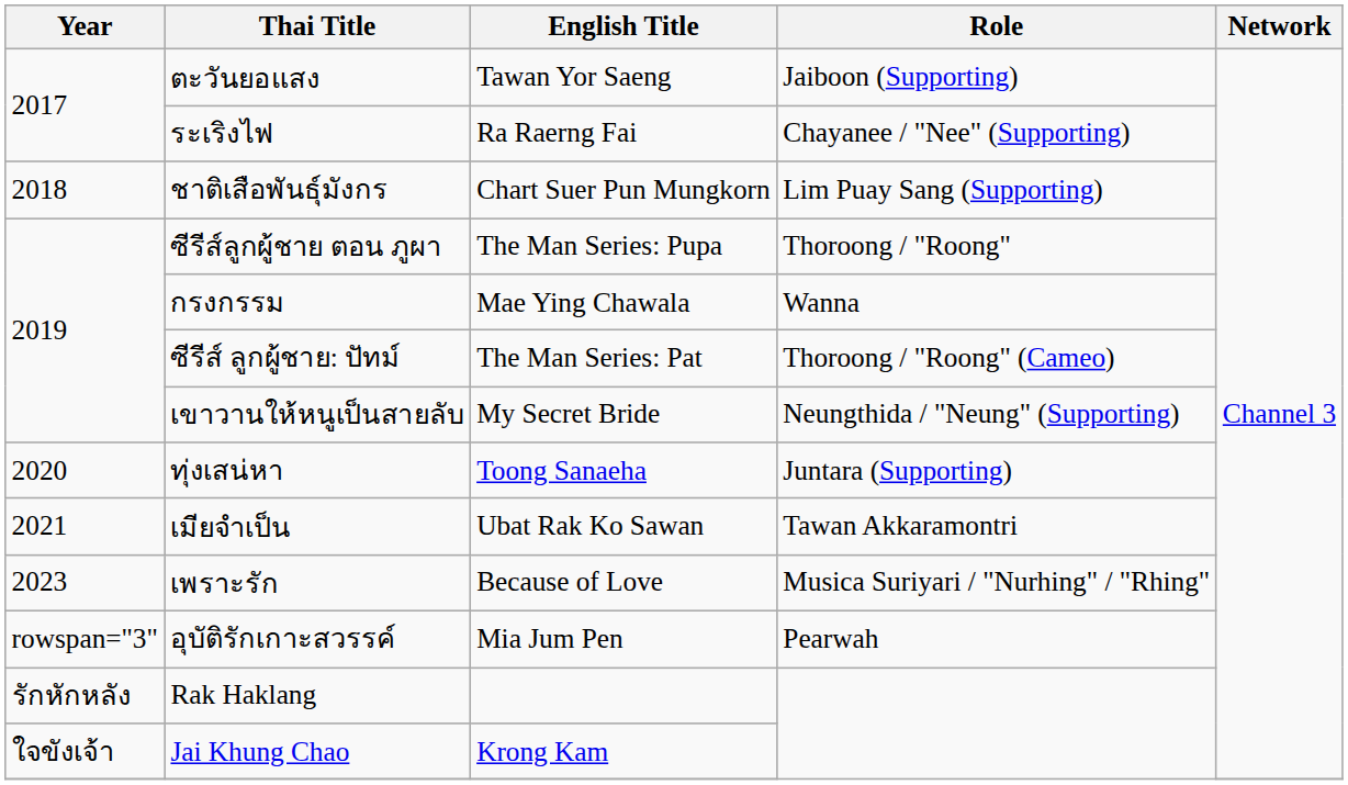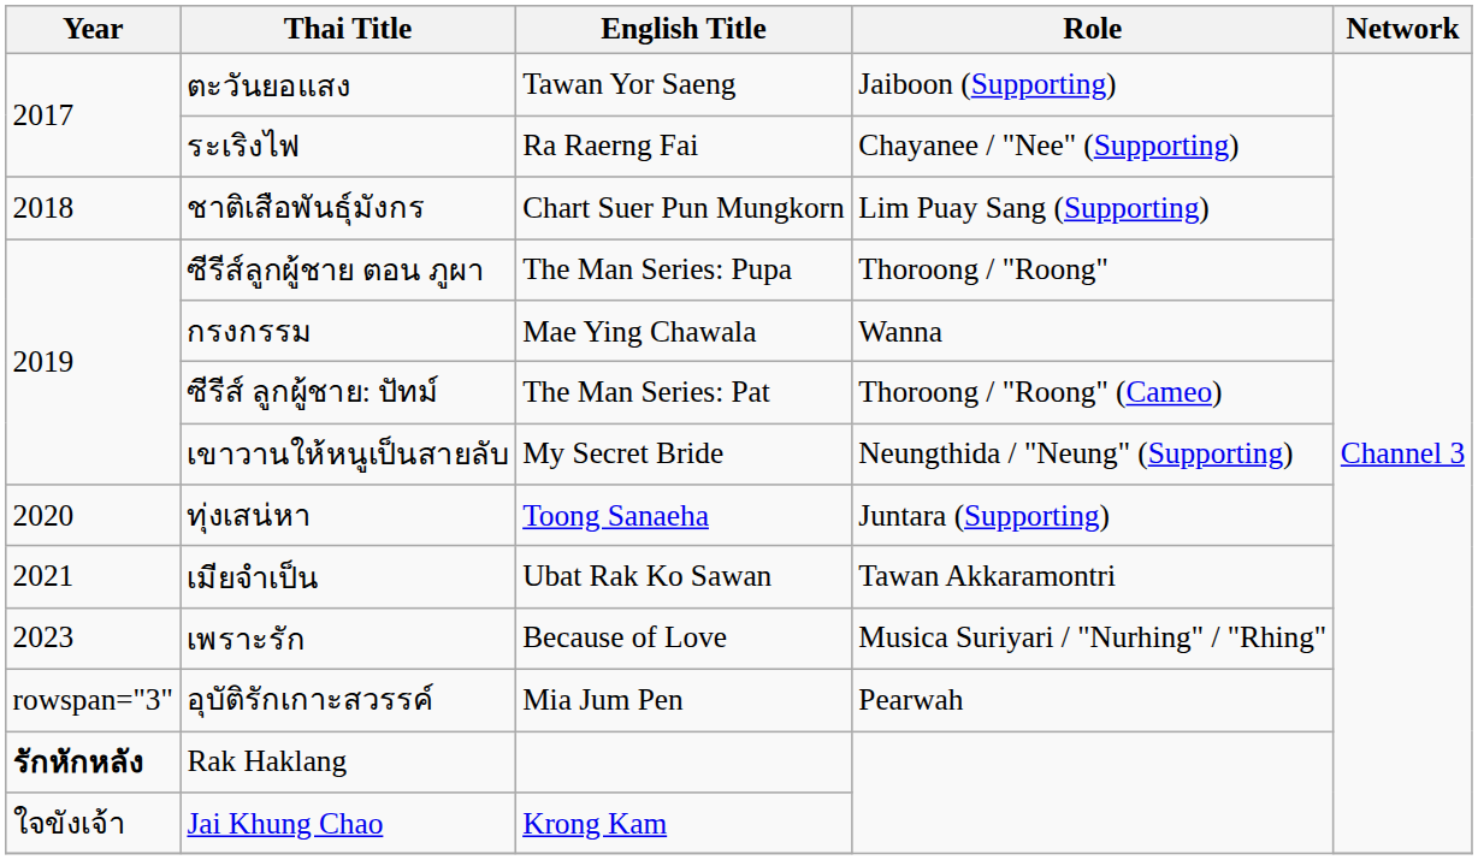 <table class="wikitable" style="font-size: 100%;">
 <tr>
 <th>Year</th>
 <th>Thai Title</th>
 <th>English Title</th>
 <th>Role</th>
 <th>Network</th>
 </tr>
 <tr>
 <td rowspan="2">2017</td>
 <td>ตะวันยอแสง</td>
 <td>Tawan Yor Saeng</td>
 <td>Jaiboon (<a href='#'>Supporting</a>)</td>
 <td rowspan="13"><a href='#'>Channel 3</a></td>
 </tr>
 <tr>
 <td>ระเริงไฟ</td>
 <td>Ra Raerng Fai</td>
 <td>Chayanee / "Nee" (<a href='#'>Supporting</a>)</td>
 </tr>
 <tr>
 <td>2018</td>
 <td>ชาติเสือพันธุ์มังกร</td>
 <td>Chart Suer Pun Mungkorn</td>
 <td>Lim Puay Sang (<a href='#'>Supporting</a>)</td>
 </tr>
 <tr>
 <td rowspan="4">2019</td>
 <td>ซีรีส์ลูกผู้ชาย ตอน ภูผา</td>
 <td>The Man Series: Pupa</td>
 <td>Thoroong / "Roong"</td>
 </tr>
 <tr>
 <td>กรงกรรม</td>
 <td>Mae Ying Chawala</td>
 <td>Wanna</td>
 </tr>
 <tr>
 <td>ซีรีส์ ลูกผู้ชาย: ปัทม์</td>
 <td>The Man Series: Pat</td>
 <td>Thoroong / "Roong" (<a href='#'>Cameo</a>)</td>
 </tr>
 <tr>
 <td>เขาวานให้หนูเป็นสายลับ</td>
 <td>My Secret Bride</td>
 <td>Neungthida / "Neung" (<a href='#'>Supporting</a>)</td>
 </tr>
 <tr>
 <td>2020</td>
 <td>ทุ่งเสน่หา</td>
 <td><a href='#'>Toong Sanaeha</a></td>
 <td>Juntara (<a href='#'>Supporting</a>)</td>
 </tr>
 <tr>
 <td rowspan="1">2021</td>
 <td>เมียจำเป็น</td>
 <td>Ubat Rak Ko Sawan</td>
 <td>Tawan Akkaramontri</td>
 </tr>
 <tr>
 <td rowspan="1">2023</td>
 <td>เพราะรัก</td>
 <td>Because of Love</td>
 <td>Musica Suriyari / "Nurhing" / "Rhing"</td>
 </tr>
 <tr>
 <td>rowspan="3" </td>
 <td>อุบัติรักเกาะสวรรค์</td>
 <td>Mia Jum Pen</td>
 <td>Pearwah</td>
 </tr>
 <tr>
-<td>รักหักหลัง</td>
+<td><strong>รักหักหลัง</strong></td>
 <td>Rak Haklang</td>
 <td></td>
 </tr>
 <tr>
 <td>ใจขังเจ้า</td>
 <td><a href='#'>Jai Khung Chao</a></td>
 <td><a href='#'>Krong Kam</a></td>
 </tr>
 <tr>
 </tr>
 </table>
